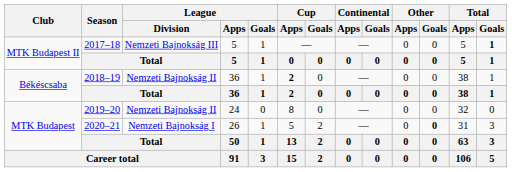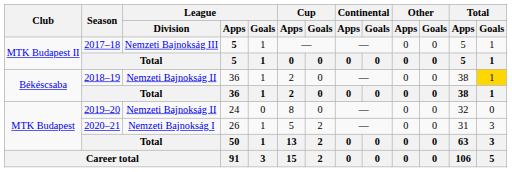 <table class="wikitable" style="text-align:center">
 <tr>
 <th rowspan="2">Club</th>
 <th rowspan="2">Season</th>
 <th colspan="3">League</th>
 <th colspan="2">Cup</th>
 <th colspan="2">Continental</th>
 <th colspan="2">Other</th>
 <th colspan="2">Total</th>
 </tr>
 <tr>
 <th>Division</th>
 <th>Apps</th>
 <th>Goals</th>
 <th>Apps</th>
 <th>Goals</th>
 <th>Apps</th>
 <th>Goals</th>
 <th>Apps</th>
 <th>Goals</th>
 <th>Apps</th>
 <th>Goals</th>
 </tr>
 <tr>
 <td rowspan="2"><a href='#'>MTK Budapest II</a></td>
 <td><a href='#'>2017–18</a></td>
 <td rowspan="1"><a href='#'>Nemzeti Bajnokság III</a></td>
-<td>5</td>
+<td><strong>5</strong></td>
 <td>1</td>
 <td colspan="2">—</td>
 <td colspan="2">—</td>
 <td>0</td>
 <td>0</td>
 <td>5</td>
-<td><strong>1</strong></td>
+<td>1</td>
 </tr>
 <tr>
 <th colspan="2">Total</th>
 <th>5</th>
 <th>1</th>
 <th>0</th>
 <th>0</th>
 <th>0</th>
 <th>0</th>
 <th>0</th>
 <th>0</th>
 <th>5</th>
 <th>1</th>
 </tr>
 <tr>
 <td rowspan="2"><a href='#'>Békéscsaba</a></td>
 <td><a href='#'>2018–19</a></td>
 <td rowspan="1"><a href='#'>Nemzeti Bajnokság II</a></td>
 <td>36</td>
 <td>1</td>
-<td><strong>2</strong></td>
+<td>2</td>
 <td>0</td>
 <td colspan="2">—</td>
 <td>0</td>
 <td>0</td>
 <td>38</td>
-<td>1</td>
+<td style="background: gold;">1</td>
 </tr>
 <tr>
 <th colspan="2">Total</th>
 <th>36</th>
 <th>1</th>
 <th>2</th>
 <th>0</th>
 <th>0</th>
 <th>0</th>
 <th>0</th>
 <th>0</th>
 <th>38</th>
 <th>1</th>
 </tr>
 <tr>
 <td rowspan="3"><a href='#'>MTK Budapest</a></td>
 <td><a href='#'>2019–20</a></td>
 <td rowspan="1"><a href='#'>Nemzeti Bajnokság II</a></td>
 <td>24</td>
 <td>0</td>
 <td>8</td>
 <td>0</td>
 <td colspan="2">—</td>
 <td>0</td>
 <td>0</td>
 <td>32</td>
 <td>0</td>
 </tr>
 <tr>
 <td><a href='#'>2020–21</a></td>
 <td rowspan="1"><a href='#'>Nemzeti Bajnokság I</a></td>
 <td>26</td>
 <td>1</td>
 <td>5</td>
 <td>2</td>
 <td colspan="2">—</td>
 <td>0</td>
-<td><strong>0</strong></td>
+<td>0</td>
 <td>31</td>
 <td>3</td>
 </tr>
 <tr>
 <th colspan="2">Total</th>
 <th>50</th>
 <th>1</th>
 <th>13</th>
 <th>2</th>
 <th>0</th>
 <th>0</th>
 <th>0</th>
 <th>0</th>
 <th>63</th>
 <th>3</th>
 </tr>
 <tr>
 <th colspan="3">Career total</th>
 <th>91</th>
 <th>3</th>
 <th>15</th>
 <th>2</th>
 <th>0</th>
 <th>0</th>
 <th>0</th>
 <th>0</th>
 <th>106</th>
 <th>5</th>
 </tr>
 </table>
